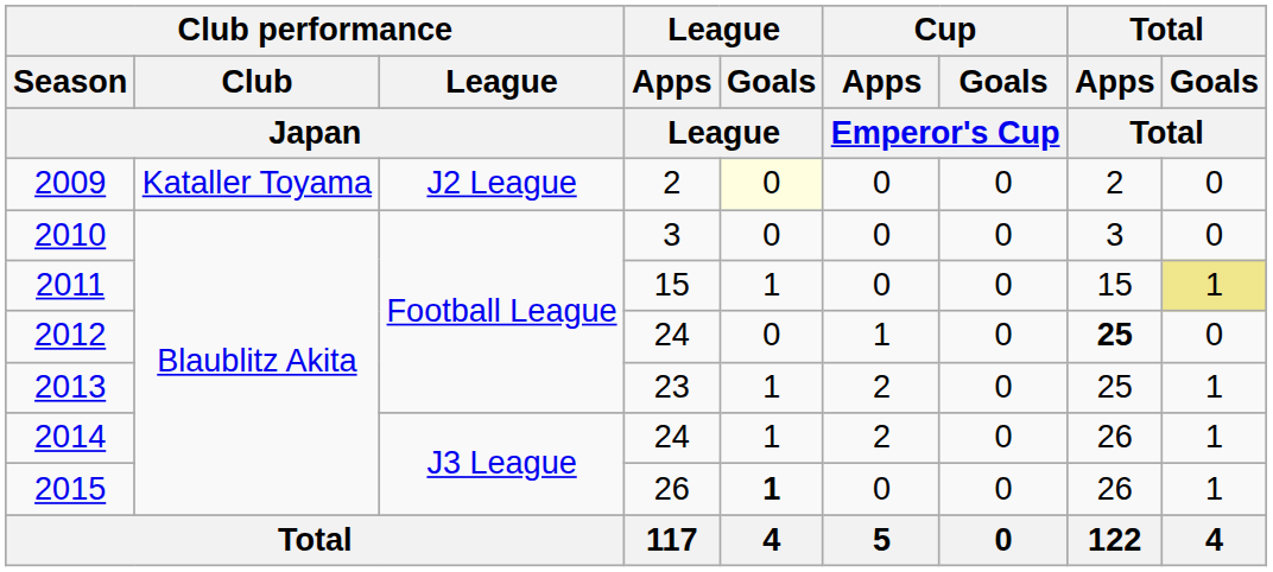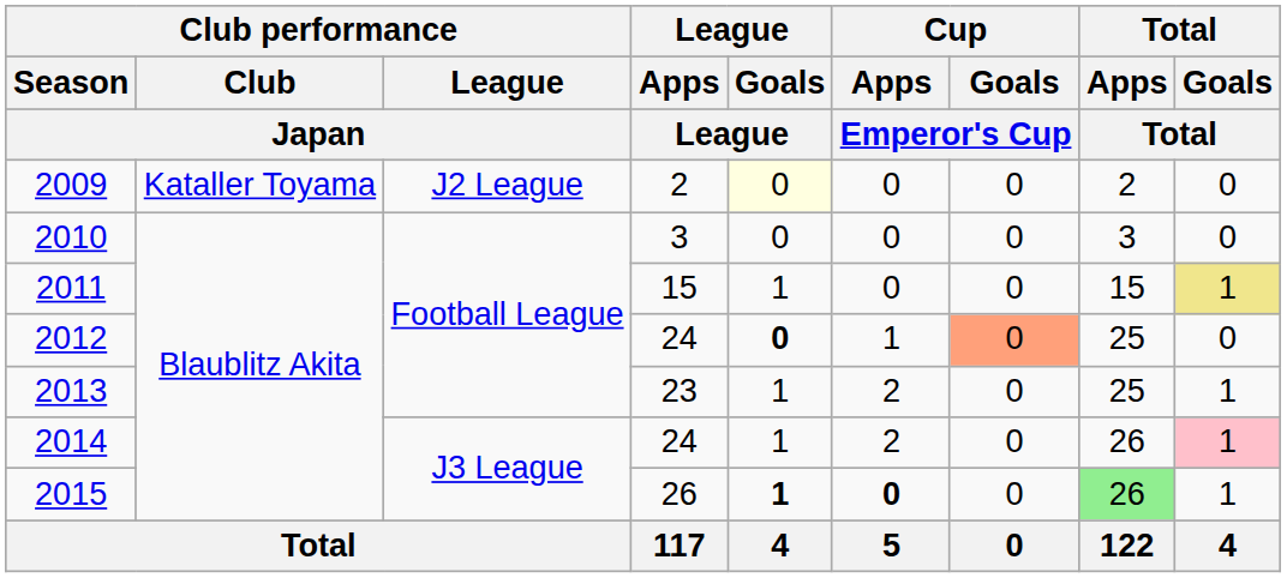 <table class="wikitable" style="text-align:center;">
 <tr>
 <th colspan=3>Club performance</th>
 <th colspan=2>League</th>
 <th colspan=2>Cup</th>
 <th colspan=2>Total</th>
 </tr>
 <tr>
 <th>Season</th>
 <th>Club</th>
 <th>League</th>
 <th>Apps</th>
 <th>Goals</th>
 <th>Apps</th>
 <th>Goals</th>
 <th>Apps</th>
 <th>Goals</th>
 </tr>
 <tr>
 <th colspan=3>Japan</th>
 <th colspan=2>League</th>
 <th colspan=2><a href='#'>Emperor's Cup</a></th>
 <th colspan=2>Total</th>
 </tr>
 <tr>
 <td><a href='#'>2009</a></td>
 <td><a href='#'>Kataller Toyama</a></td>
 <td><a href='#'>J2 League</a></td>
 <td>2</td>
 <td style="background: lightyellow;">0</td>
 <td>0</td>
 <td>0</td>
 <td>2</td>
 <td>0</td>
 </tr>
 <tr>
 <td><a href='#'>2010</a></td>
 <td rowspan=6><a href='#'>Blaublitz Akita</a></td>
 <td rowspan=4><a href='#'>Football League</a></td>
 <td>3</td>
 <td>0</td>
 <td>0</td>
 <td>0</td>
 <td>3</td>
 <td>0</td>
 </tr>
 <tr>
 <td><a href='#'>2011</a></td>
 <td>15</td>
 <td>1</td>
 <td>0</td>
 <td>0</td>
 <td>15</td>
 <td style="background: khaki;">1</td>
 </tr>
 <tr>
 <td><a href='#'>2012</a></td>
 <td>24</td>
-<td>0</td>
+<td><strong>0</strong></td>
 <td>1</td>
-<td>0</td>
-<td><strong>25</strong></td>
+<td style="background: lightsalmon;">0</td>
+<td>25</td>
 <td>0</td>
 </tr>
 <tr>
 <td><a href='#'>2013</a></td>
 <td>23</td>
 <td>1</td>
 <td>2</td>
 <td>0</td>
 <td>25</td>
 <td>1</td>
 </tr>
 <tr>
 <td><a href='#'>2014</a></td>
 <td rowspan=2><a href='#'>J3 League</a></td>
 <td>24</td>
 <td>1</td>
 <td>2</td>
 <td>0</td>
 <td>26</td>
-<td>1</td>
+<td style="background: pink;">1</td>
 </tr>
 <tr>
 <td><a href='#'>2015</a></td>
 <td>26</td>
 <td><strong>1</strong></td>
+<td><strong>0</strong></td>
 <td>0</td>
-<td>0</td>
-<td>26</td>
+<td style="background: lightgreen;">26</td>
 <td>1</td>
 </tr>
 <tr>
 <th colspan=3>Total</th>
 <th>117</th>
 <th>4</th>
 <th>5</th>
 <th>0</th>
 <th>122</th>
 <th>4</th>
 </tr>
 </table>
